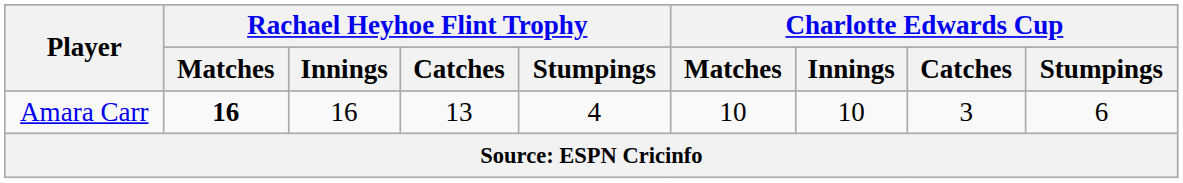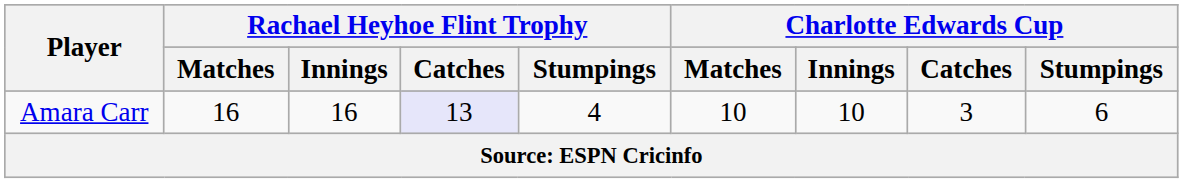 <table class="wikitable" style="text-align:center; width:55%;">
 <tr>
 <th rowspan=2>Player</th>
 <th colspan=4><a href='#'>Rachael Heyhoe Flint Trophy</a></th>
 <th colspan=4><a href='#'>Charlotte Edwards Cup</a></th>
 </tr>
 <tr>
 <th>Matches</th>
 <th>Innings</th>
 <th>Catches</th>
 <th>Stumpings</th>
 <th>Matches</th>
 <th>Innings</th>
 <th>Catches</th>
 <th>Stumpings</th>
 </tr>
 <tr>
 <td><a href='#'>Amara Carr</a></td>
-<td><strong>16</strong></td>
 <td>16</td>
-<td>13</td>
+<td>16</td>
+<td style="background: lavender;">13</td>
 <td>4</td>
 <td>10</td>
 <td>10</td>
 <td>3</td>
 <td>6</td>
 </tr>
 <tr>
 <th colspan="9"><small>Source: ESPN Cricinfo</small></th>
 </tr>
 </table>
